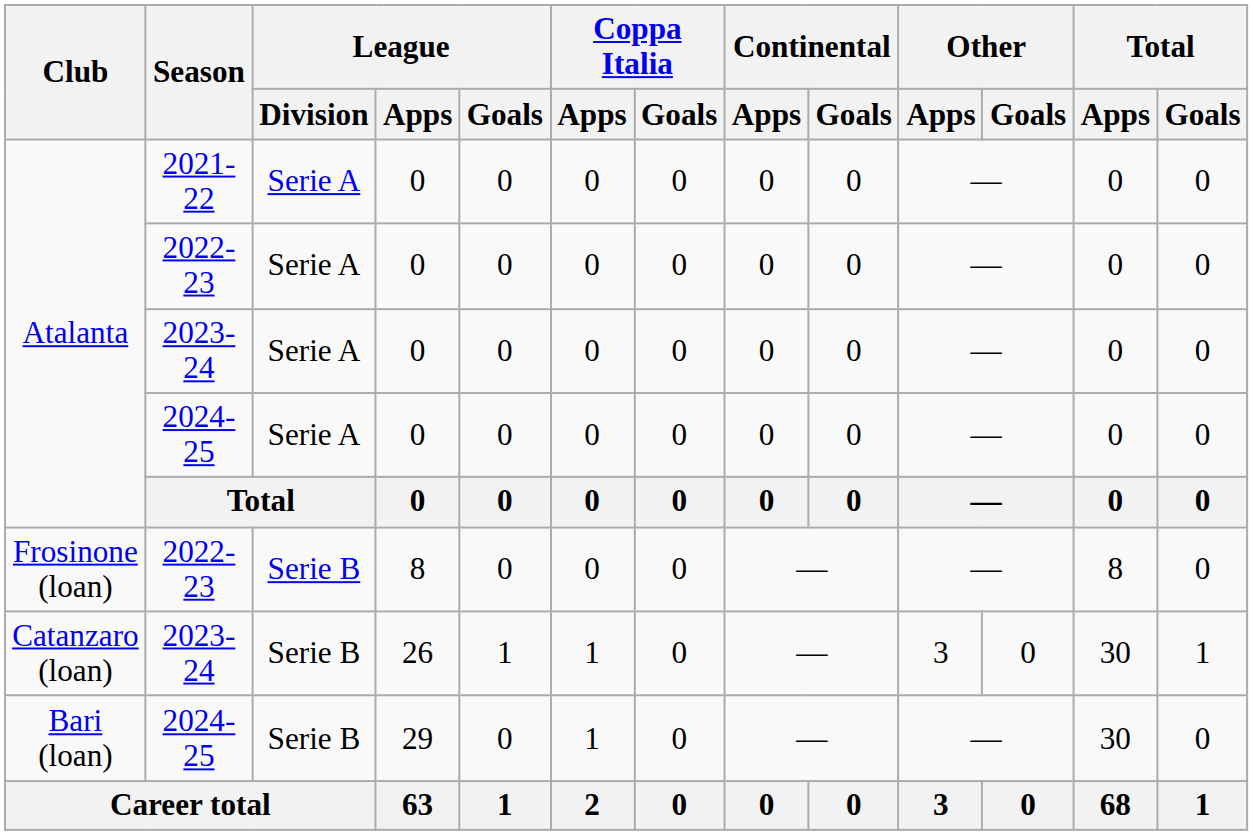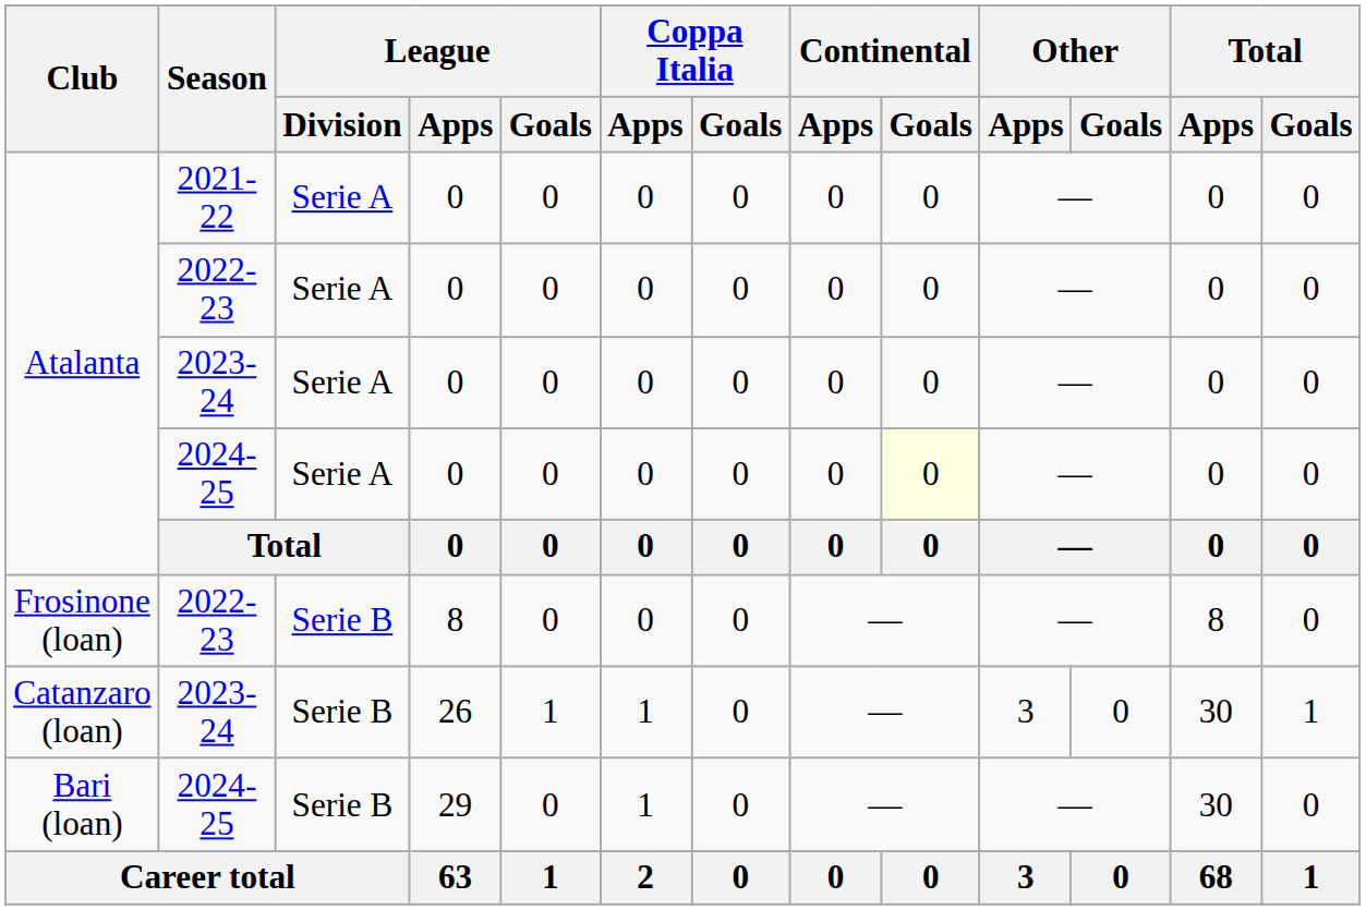 <table class="wikitable" style="text-align: center">
 <tr>
 <th rowspan="2">Club</th>
 <th rowspan="2">Season</th>
 <th colspan="3">League</th>
 <th colspan="2"><a href='#'>Coppa Italia</a></th>
 <th colspan="2">Continental</th>
 <th colspan="2">Other</th>
 <th colspan="2">Total</th>
 </tr>
 <tr>
 <th>Division</th>
 <th>Apps</th>
 <th>Goals</th>
 <th>Apps</th>
 <th>Goals</th>
 <th>Apps</th>
 <th>Goals</th>
 <th>Apps</th>
 <th>Goals</th>
 <th>Apps</th>
 <th>Goals</th>
 </tr>
 <tr>
 <td rowspan="5"><a href='#'>Atalanta</a></td>
 <td><a href='#'>2021-22</a></td>
 <td><a href='#'>Serie A</a></td>
 <td>0</td>
 <td>0</td>
 <td>0</td>
 <td>0</td>
 <td>0</td>
 <td>0</td>
 <td colspan="2">—</td>
 <td>0</td>
 <td>0</td>
 </tr>
 <tr>
 <td><a href='#'>2022-23</a></td>
 <td>Serie A</td>
 <td>0</td>
 <td>0</td>
 <td>0</td>
 <td>0</td>
 <td>0</td>
 <td>0</td>
 <td colspan="2">—</td>
 <td>0</td>
 <td>0</td>
 </tr>
 <tr>
 <td><a href='#'>2023-24</a></td>
 <td>Serie A</td>
 <td>0</td>
 <td>0</td>
 <td>0</td>
 <td>0</td>
 <td>0</td>
 <td>0</td>
 <td colspan="2">—</td>
 <td>0</td>
 <td>0</td>
 </tr>
 <tr>
 <td><a href='#'>2024-25</a></td>
 <td>Serie A</td>
 <td>0</td>
 <td>0</td>
 <td>0</td>
 <td>0</td>
 <td>0</td>
-<td>0</td>
+<td style="background: lightyellow;">0</td>
 <td colspan="2">—</td>
 <td>0</td>
 <td>0</td>
 </tr>
 <tr>
 <th colspan="2">Total</th>
 <th>0</th>
 <th>0</th>
 <th>0</th>
 <th>0</th>
 <th>0</th>
 <th>0</th>
 <th colspan="2">—</th>
 <th>0</th>
 <th>0</th>
 </tr>
 <tr>
 <td><a href='#'>Frosinone</a> (loan)</td>
 <td><a href='#'>2022-23</a></td>
 <td><a href='#'>Serie B</a></td>
 <td>8</td>
 <td>0</td>
 <td>0</td>
 <td>0</td>
 <td colspan="2">—</td>
 <td colspan="2">—</td>
 <td>8</td>
 <td>0</td>
 </tr>
 <tr>
 <td><a href='#'>Catanzaro</a> (loan)</td>
 <td><a href='#'>2023-24</a></td>
 <td>Serie B</td>
 <td>26</td>
 <td>1</td>
 <td>1</td>
 <td>0</td>
 <td colspan="2">—</td>
 <td>3</td>
 <td>0</td>
 <td>30</td>
 <td>1</td>
 </tr>
 <tr>
 <td><a href='#'>Bari</a> (loan)</td>
 <td><a href='#'>2024-25</a></td>
 <td>Serie B</td>
 <td>29</td>
 <td>0</td>
 <td>1</td>
 <td>0</td>
 <td colspan="2">—</td>
 <td colspan="2">—</td>
 <td>30</td>
 <td>0</td>
 </tr>
 <tr>
 <th colspan="3">Career total</th>
 <th>63</th>
 <th>1</th>
 <th>2</th>
 <th>0</th>
 <th>0</th>
 <th>0</th>
 <th>3</th>
 <th>0</th>
 <th>68</th>
 <th>1</th>
 </tr>
 </table>
